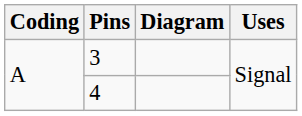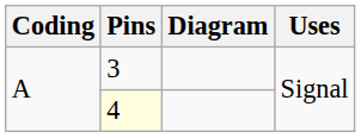 <table class="wikitable">
 <tr>
 <th>Coding</th>
 <th>Pins</th>
 <th>Diagram</th>
 <th>Uses</th>
 </tr>
 <tr>
 <td rowspan=2>A</td>
 <td>3</td>
 <td></td>
 <td rowspan=2>Signal</td>
 </tr>
 <tr>
-<td>4</td>
+<td style="background: lightyellow;">4</td>
 <td></td>
 </tr>
 </table>
